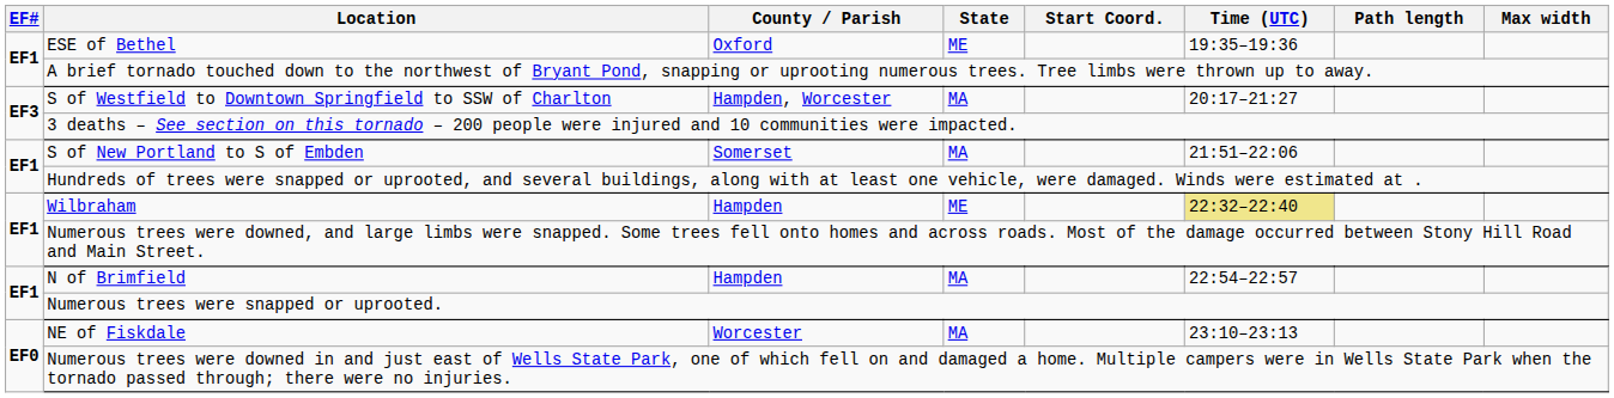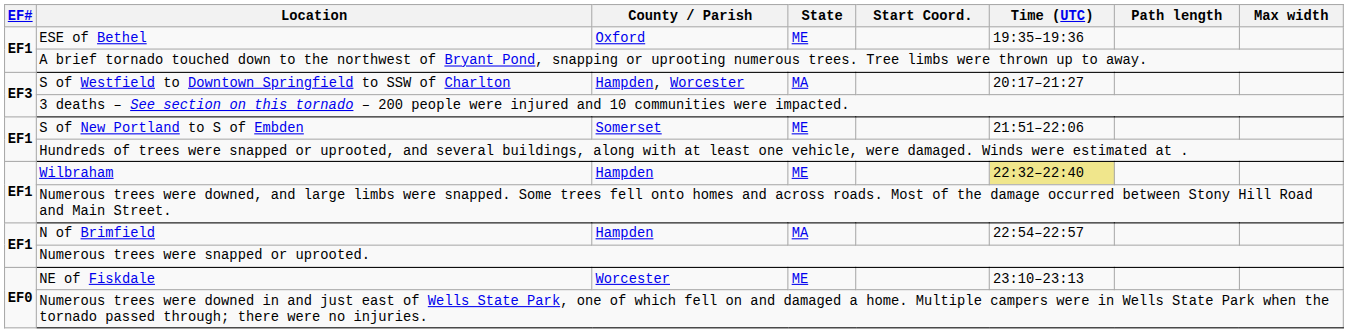 <table class="wikitable sortable" style="width:100%;">
 <tr>
 <th scope="col" width="2%" align="center"><a href='#'>EF#</a></th>
 <th scope="col" align="center" class="unsortable">Location</th>
 <th scope="col" align="center" class="unsortable">County / Parish</th>
 <th scope="col" align="center">State</th>
 <th scope="col" align="center" data-sort-type="number">Start Coord.</th>
 <th scope="col" align="center" data-sort-type="number">Time (<a href='#'>UTC</a>)</th>
 <th scope="col" align="center" data-sort-type="number">Path length</th>
 <th scope="col" align="center" data-sort-type="number">Max width</th>
 </tr>
 <tr>
 <td rowspan="2" align="center"><strong>EF1</strong></td>
 <td>ESE of <a href='#'>Bethel</a></td>
 <td><a href='#'>Oxford</a></td>
 <td><a href='#'>ME</a></td>
 <td></td>
 <td>19:35–19:36</td>
 <td></td>
 <td></td>
 </tr>
 <tr class="expand-child">
 <td colspan="8" style=" border-bottom: 1px solid black;">A brief tornado touched down to the northwest of <a href='#'>Bryant Pond</a>, snapping or uprooting numerous trees. Tree limbs were thrown up to  away.</td>
 </tr>
 <tr>
 <td rowspan="2" align="center"><strong>EF3</strong></td>
 <td>S of <a href='#'>Westfield</a> to <a href='#'>Downtown Springfield</a> to SSW of <a href='#'>Charlton</a></td>
 <td><a href='#'>Hampden</a>, <a href='#'>Worcester</a></td>
 <td><a href='#'>MA</a></td>
 <td></td>
 <td>20:17–21:27</td>
 <td></td>
 <td></td>
 </tr>
 <tr class="expand-child">
 <td colspan="8" style=" border-bottom: 1px solid black;">3 deaths – <em><a href='#'>See section on this tornado</a></em> – 200 people were injured and 10 communities were impacted.</td>
 </tr>
 <tr>
 <td rowspan="2" align="center"><strong>EF1</strong></td>
 <td>S of <a href='#'>New Portland</a> to S of <a href='#'>Embden</a></td>
 <td><a href='#'>Somerset</a></td>
-<td><a href='#'>MA</a></td>
+<td><a href='#'>ME</a></td>
 <td></td>
 <td>21:51–22:06</td>
 <td></td>
 <td></td>
 </tr>
 <tr class="expand-child">
 <td colspan="8" style=" border-bottom: 1px solid black;">Hundreds of trees were snapped or uprooted, and several buildings, along with at least one vehicle, were damaged. Winds were estimated at .</td>
 </tr>
 <tr>
 <td rowspan="2" align="center"><strong>EF1</strong></td>
 <td><a href='#'>Wilbraham</a></td>
 <td><a href='#'>Hampden</a></td>
 <td><a href='#'>ME</a></td>
 <td></td>
 <td style="background: khaki;">22:32–22:40</td>
 <td></td>
 <td></td>
 </tr>
 <tr class="expand-child">
 <td colspan="8" style=" border-bottom: 1px solid black;">Numerous trees were downed, and large limbs were snapped. Some trees fell onto homes and across roads. Most of the damage occurred between Stony Hill Road and Main Street.</td>
 </tr>
 <tr>
 <td rowspan="2" align="center"><strong>EF1</strong></td>
 <td>N of <a href='#'>Brimfield</a></td>
 <td><a href='#'>Hampden</a></td>
 <td><a href='#'>MA</a></td>
 <td></td>
 <td>22:54–22:57</td>
 <td></td>
 <td></td>
 </tr>
 <tr class="expand-child">
 <td colspan="8" style=" border-bottom: 1px solid black;">Numerous trees were snapped or uprooted.</td>
 </tr>
 <tr>
 <td rowspan="2" align="center"><strong>EF0</strong></td>
 <td>NE of <a href='#'>Fiskdale</a></td>
 <td><a href='#'>Worcester</a></td>
-<td><a href='#'>MA</a></td>
+<td><a href='#'>ME</a></td>
 <td></td>
 <td>23:10–23:13</td>
 <td></td>
 <td></td>
 </tr>
 <tr class="expand-child">
 <td colspan="8" style=" border-bottom: 1px solid black;">Numerous trees were downed in and just east of <a href='#'>Wells State Park</a>, one of which fell on and damaged a home. Multiple campers were in Wells State Park when the tornado passed through; there were no injuries.</td>
 </tr>
 </table>
